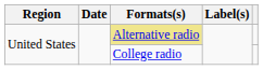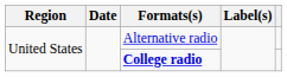 <table class="wikitable plainrowheaders" style="text-align:left">
 <tr>
 <th scope="col">Region</th>
 <th scope="col">Date</th>
 <th scope="col">Formats(s)</th>
 <th scope="col">Label(s)</th>
 <th scope="col"></th>
 </tr>
 <tr>
 <td rowspan="2">United States</td>
 <td rowspan="2"></td>
-<td style="background: khaki;"><a href='#'>Alternative radio</a></td>
+<td><a href='#'>Alternative radio</a></td>
 <td rowspan="2"></td>
 <td align="center"></td>
 </tr>
 <tr>
-<td><a href='#'>College radio</a></td>
+<td><strong><a href='#'>College radio</a></strong></td>
 <td align="center"></td>
 </tr>
 </table>
